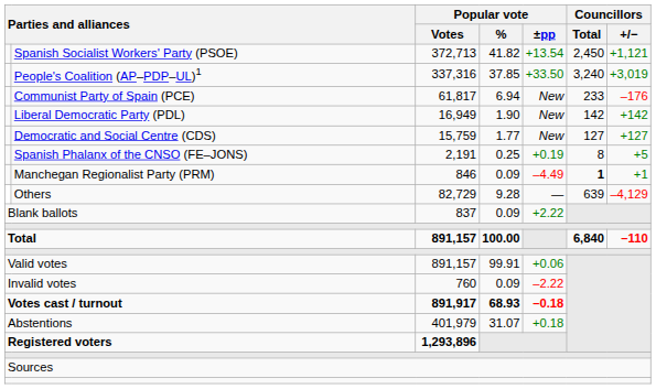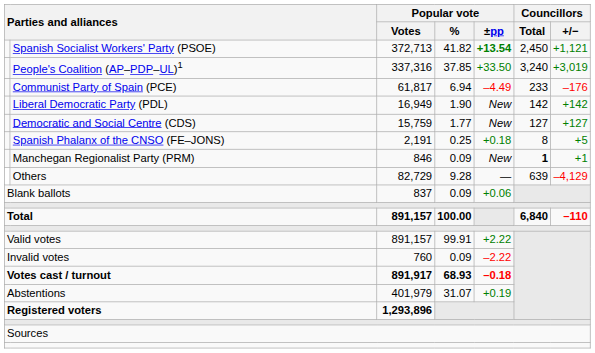 <table class="wikitable" style="text-align:right;">
 <tr>
 <th style="text-align:left;" rowspan="2" colspan="2" width="525">Parties and alliances</th>
 <th colspan="3">Popular vote</th>
 <th colspan="2">Councillors</th>
 </tr>
 <tr>
 <th width="75">Votes</th>
 <th width="45">%</th>
 <th width="45">±<a href='#'>pp</a></th>
 <th width="45">Total</th>
 <th width="45">+/−</th>
 </tr>
 <tr>
 <td width="1" style="color:inherit;background:"></td>
 <td align="left"><a href='#'>Spanish Socialist Workers' Party</a> (PSOE)</td>
 <td>372,713</td>
 <td>41.82</td>
-<td style="color:green;">+13.54</td>
+<td style="color:green;"><strong>+13.54</strong></td>
 <td>2,450</td>
 <td style="color:green;">+1,121</td>
 </tr>
 <tr>
 <td style="color:inherit;background:"></td>
 <td align="left"><a href='#'>People's Coalition</a> (<a href='#'>AP</a>–<a href='#'>PDP</a>–<a href='#'>UL</a>)<sup>1</sup></td>
 <td>337,316</td>
 <td>37.85</td>
 <td style="color:green;">+33.50</td>
 <td>3,240</td>
 <td style="color:green;">+3,019</td>
 </tr>
 <tr>
 <td style="color:inherit;background:"></td>
 <td align="left"><a href='#'>Communist Party of Spain</a> (PCE)</td>
 <td>61,817</td>
 <td>6.94</td>
-<td><em>New</em></td>
+<td style="color:red;">–4.49</td>
 <td>233</td>
 <td style="color:red;">–176</td>
 </tr>
 <tr>
 <td style="color:inherit;background:"></td>
 <td align="left"><a href='#'>Liberal Democratic Party</a> (PDL)</td>
 <td>16,949</td>
 <td>1.90</td>
 <td><em>New</em></td>
 <td>142</td>
 <td style="color:green;">+142</td>
 </tr>
 <tr>
 <td style="color:inherit;background:"></td>
 <td align="left"><a href='#'>Democratic and Social Centre</a> (CDS)</td>
 <td>15,759</td>
 <td>1.77</td>
 <td><em>New</em></td>
 <td>127</td>
 <td style="color:green;">+127</td>
 </tr>
 <tr>
 <td style="color:inherit;background:"></td>
 <td align="left"><a href='#'>Spanish Phalanx of the CNSO</a> (FE–JONS)</td>
 <td>2,191</td>
 <td>0.25</td>
-<td style="color:green;">+0.19</td>
+<td style="color:green;">+0.18</td>
 <td>8</td>
 <td style="color:green;">+5</td>
 </tr>
 <tr>
 <td style="color:inherit;background:"></td>
 <td align="left">Manchegan Regionalist Party (PRM)</td>
 <td>846</td>
 <td>0.09</td>
-<td style="color:red;">–4.49</td>
+<td><em>New</em></td>
 <td><strong>1</strong></td>
 <td style="color:green;">+1</td>
 </tr>
 <tr>
 <td bgcolor="white"></td>
 <td align="left">Others</td>
 <td>82,729</td>
 <td>9.28</td>
 <td>—</td>
 <td>639</td>
 <td style="color:red;">–4,129</td>
 </tr>
 <tr>
 <td align="left" colspan="2">Blank ballots</td>
 <td>837</td>
 <td>0.09</td>
-<td style="color:green;">+2.22</td>
+<td style="color:green;">+0.06</td>
 <td bgcolor="#E9E9E9" colspan="2"></td>
 </tr>
 <tr>
 <td colspan="7" bgcolor="#E9E9E9"></td>
 </tr>
 <tr style="font-weight:bold;">
 <td align="left" colspan="2">Total</td>
 <td>891,157</td>
 <td>100.00</td>
 <td bgcolor="#E9E9E9"></td>
 <td>6,840</td>
 <td style="color:red;">–110</td>
 </tr>
 <tr>
 <td colspan="7" bgcolor="#E9E9E9"></td>
 </tr>
 <tr>
 <td align="left" colspan="2">Valid votes</td>
 <td>891,157</td>
 <td>99.91</td>
-<td style="color:green;">+0.06</td>
+<td style="color:green;">+2.22</td>
 <td bgcolor="#E9E9E9" colspan="2" rowspan="5"></td>
 </tr>
 <tr>
 <td align="left" colspan="2">Invalid votes</td>
 <td>760</td>
 <td>0.09</td>
 <td style="color:red;">–2.22</td>
 </tr>
 <tr style="font-weight:bold;">
 <td align="left" colspan="2">Votes cast / turnout</td>
 <td>891,917</td>
 <td>68.93</td>
 <td style="color:red;">–0.18</td>
 </tr>
 <tr>
 <td align="left" colspan="2">Abstentions</td>
 <td>401,979</td>
 <td>31.07</td>
-<td style="color:green;">+0.18</td>
+<td style="color:green;">+0.19</td>
 </tr>
 <tr style="font-weight:bold;">
 <td align="left" colspan="2">Registered voters</td>
 <td>1,293,896</td>
 <td bgcolor="#E9E9E9" colspan="2"></td>
 </tr>
 <tr>
 <td colspan="7" bgcolor="#E9E9E9"></td>
 </tr>
 <tr>
 <td align="left" colspan="7">Sources</td>
 </tr>
 <tr>
 <td colspan="7" style="text-align:left; max-width:790px;"></td>
 </tr>
 </table>
